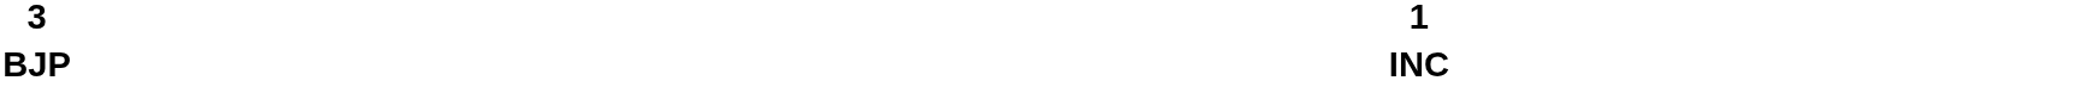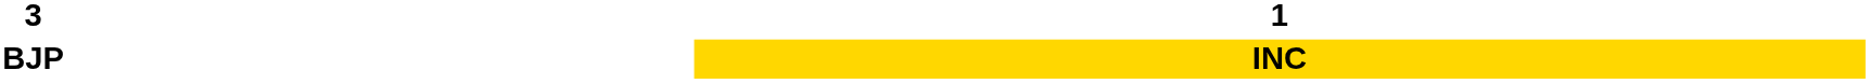 <table style="width:100%; text-align:center;">
 <tr>
 <td style="background:"><strong>3</strong></td>
 <td style="background:"><strong>1</strong></td>
 </tr>
 <tr>
 <td><span><strong>BJP</strong></span></td>
-<td><span><strong>INC</strong></span></td>
+<td style="background: gold;"><span><strong>INC</strong></span></td>
 </tr>
 </table>
